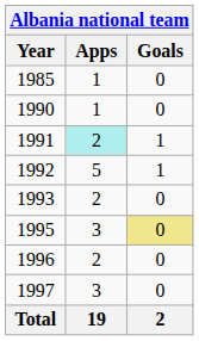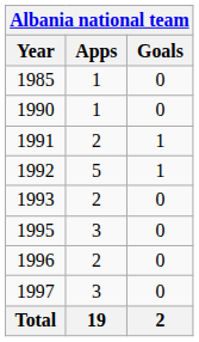 <table class="wikitable" style="text-align:center">
 <tr>
 <th colspan=3><a href='#'>Albania national team</a></th>
 </tr>
 <tr>
 <th>Year</th>
 <th>Apps</th>
 <th>Goals</th>
 </tr>
 <tr>
 <td>1985</td>
 <td>1</td>
 <td>0</td>
 </tr>
 <tr>
 <td>1990</td>
 <td>1</td>
 <td>0</td>
 </tr>
 <tr>
 <td>1991</td>
-<td style="background: paleturquoise;">2</td>
+<td>2</td>
 <td>1</td>
 </tr>
 <tr>
 <td>1992</td>
 <td>5</td>
 <td>1</td>
 </tr>
 <tr>
 <td>1993</td>
 <td>2</td>
 <td>0</td>
 </tr>
 <tr>
 <td>1995</td>
 <td>3</td>
-<td style="background: khaki;">0</td>
+<td>0</td>
 </tr>
 <tr>
 <td>1996</td>
 <td>2</td>
 <td>0</td>
 </tr>
 <tr>
 <td>1997</td>
 <td>3</td>
 <td>0</td>
 </tr>
 <tr>
 <th>Total</th>
 <th>19</th>
 <th>2</th>
 </tr>
 </table>
